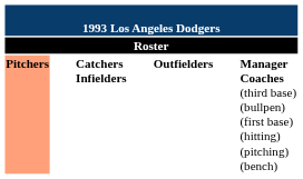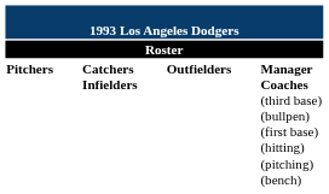 <table class="toccolours" style="font-size: 95%;">
 <tr>
 <th colspan="10" style="background-color: #083c6b; color: #FFFFFF; text-align: center;"><br>1993 Los Angeles Dodgers</th>
 </tr>
 <tr>
 <td colspan="10" style="background-color: black; color: #FFFFFF; text-align: center;"><strong>Roster</strong></td>
 </tr>
 <tr>
-<td valign="top" style="background: lightsalmon;"><strong>Pitchers</strong><br>                          </td>
+<td valign="top"><strong>Pitchers</strong><br>                          </td>
 <td width="25px"></td>
 <td valign="top"><strong>Catchers</strong><br>  <strong>Infielders</strong>        </td>
 <td width="25px"></td>
 <td valign="top"><strong>Outfielders</strong><br>         </td>
 <td width="25px"></td>
 <td valign="top"><strong>Manager</strong><br> <strong>Coaches</strong> <br> (third base)  <br>(bullpen)  <br>(first base)  <br>(hitting)   <br> (pitching)  <br>(bench)</td>
 </tr>
 </table>
